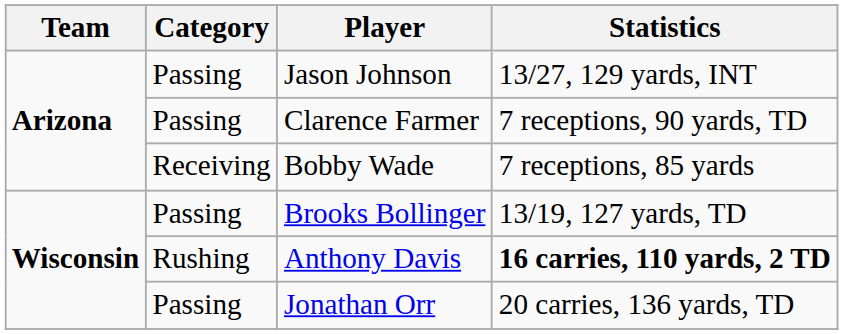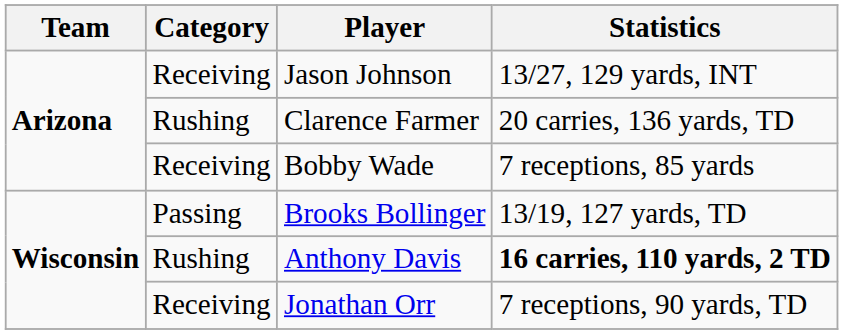 <table class="wikitable" style="float: right;">
 <tr>
 <th>Team</th>
 <th>Category</th>
 <th>Player</th>
 <th>Statistics</th>
 </tr>
 <tr>
 <td rowspan=3><strong>Arizona</strong></td>
-<td>Passing</td>
+<td>Receiving</td>
 <td>Jason Johnson</td>
 <td>13/27, 129 yards, INT</td>
 </tr>
 <tr>
-<td>Passing</td>
+<td>Rushing</td>
 <td>Clarence Farmer</td>
-<td>7 receptions, 90 yards, TD</td>
+<td>20 carries, 136 yards, TD</td>
 </tr>
 <tr>
 <td>Receiving</td>
 <td>Bobby Wade</td>
 <td>7 receptions, 85 yards</td>
 </tr>
 <tr>
 <td rowspan=3><strong>Wisconsin</strong></td>
 <td>Passing</td>
 <td><a href='#'>Brooks Bollinger</a></td>
 <td>13/19, 127 yards, TD</td>
 </tr>
 <tr>
 <td>Rushing</td>
 <td><a href='#'>Anthony Davis</a></td>
 <td><strong>16 carries, 110 yards, 2 TD</strong></td>
 </tr>
 <tr>
-<td>Passing</td>
+<td>Receiving</td>
 <td><a href='#'>Jonathan Orr</a></td>
-<td>20 carries, 136 yards, TD</td>
+<td>7 receptions, 90 yards, TD</td>
 </tr>
 </table>
